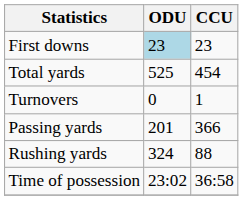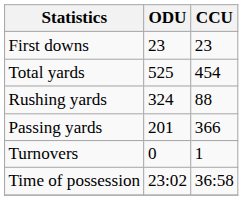 <table class="wikitable" style="float: left;">
 <tr>
 <th>Statistics</th>
 <th>ODU</th>
 <th>CCU</th>
 </tr>
 <tr>
 <td>First downs</td>
-<td style="background: lightblue;">23</td>
+<td>23</td>
 <td>23</td>
 </tr>
 <tr>
 <td>Total yards</td>
 <td>525</td>
 <td>454</td>
 </tr>
 <tr>
-<td>Turnovers</td>
-<td>0</td>
-<td>1</td>
+<td>Rushing yards</td>
+<td>324</td>
+<td>88</td>
 </tr>
 <tr>
 <td>Passing yards</td>
 <td>201</td>
 <td>366</td>
 </tr>
 <tr>
-<td>Rushing yards</td>
-<td>324</td>
-<td>88</td>
+<td>Turnovers</td>
+<td>0</td>
+<td>1</td>
 </tr>
 <tr>
 <td>Time of possession</td>
 <td>23:02</td>
 <td>36:58</td>
 </tr>
 <tr>
 </tr>
 </table>
